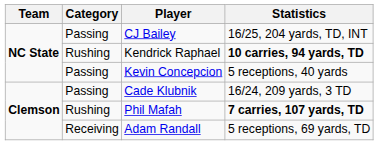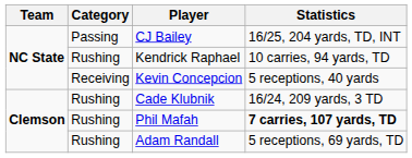 <table class="wikitable" style="float: right;">
 <tr>
 <th>Team</th>
 <th>Category</th>
 <th>Player</th>
 <th>Statistics</th>
 </tr>
 <tr>
 <td rowspan=3><strong>NC State</strong></td>
 <td>Passing</td>
 <td><a href='#'>CJ Bailey</a></td>
 <td>16/25, 204 yards, TD, INT</td>
 </tr>
 <tr>
 <td>Rushing</td>
 <td>Kendrick Raphael</td>
-<td><strong>10 carries, 94 yards, TD</strong></td>
+<td>10 carries, 94 yards, TD</td>
 </tr>
 <tr>
-<td>Passing</td>
+<td>Receiving</td>
 <td><a href='#'>Kevin Concepcion</a></td>
 <td>5 receptions, 40 yards</td>
 </tr>
 <tr>
 <td rowspan=3><strong>Clemson</strong></td>
-<td>Passing</td>
+<td>Rushing</td>
 <td><a href='#'>Cade Klubnik</a></td>
 <td>16/24, 209 yards, 3 TD</td>
 </tr>
 <tr>
 <td>Rushing</td>
 <td><a href='#'>Phil Mafah</a></td>
 <td><strong>7 carries, 107 yards, TD</strong></td>
 </tr>
 <tr>
-<td>Receiving</td>
+<td>Rushing</td>
 <td><a href='#'>Adam Randall</a></td>
 <td>5 receptions, 69 yards, TD</td>
 </tr>
 </table>
